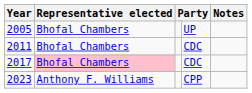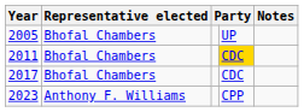 <table class="wikitable">
 <tr>
 <th>Year</th>
 <th>Representative elected</th>
 <th colspan=2>Party</th>
 <th>Notes</th>
 </tr>
 <tr>
 <td><a href='#'>2005</a></td>
 <td><a href='#'>Bhofal Chambers</a></td>
 <td></td>
 <td><a href='#'>UP</a></td>
 <td></td>
 </tr>
 <tr>
 <td><a href='#'>2011</a></td>
 <td><a href='#'>Bhofal Chambers</a></td>
 <td></td>
-<td><a href='#'>CDC</a></td>
+<td style="background: gold;"><a href='#'>CDC</a></td>
 <td></td>
 </tr>
 <tr>
 <td><a href='#'>2017</a></td>
-<td style="background: pink;"><a href='#'>Bhofal Chambers</a></td>
+<td><a href='#'>Bhofal Chambers</a></td>
 <td></td>
 <td><a href='#'>CDC</a></td>
 <td></td>
 </tr>
 <tr>
 <td><a href='#'>2023</a></td>
 <td><a href='#'>Anthony F. Williams</a></td>
 <td></td>
 <td><a href='#'>CPP</a></td>
 <td></td>
 </tr>
 </table>
